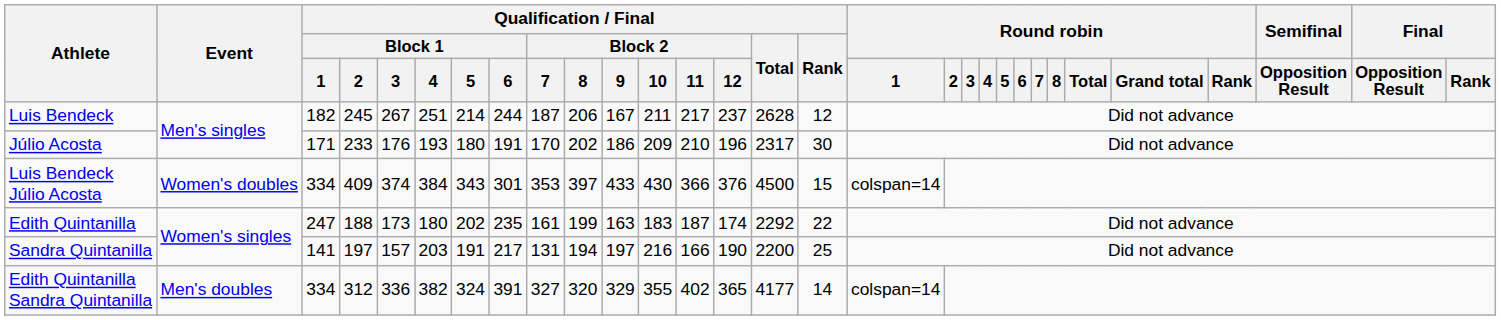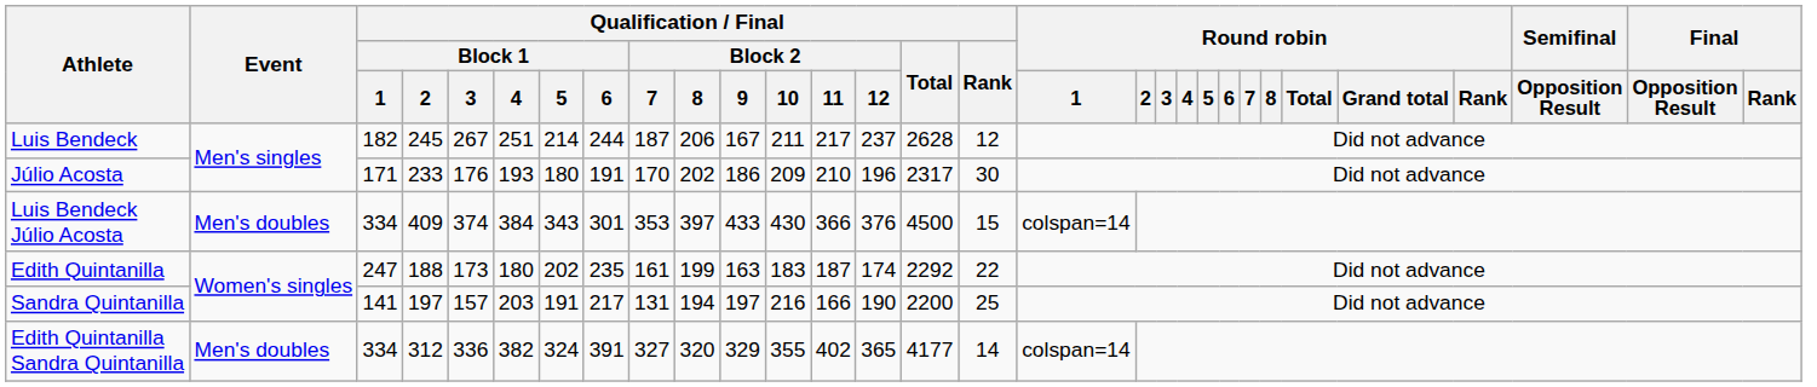 <table class=wikitable style=font-size:75%;text-align:center>
 <tr>
 <th rowspan=3>Athlete</th>
 <th rowspan=3>Event</th>
 <th colspan=14>Qualification / Final</th>
 <th colspan=11 rowspan=2>Round robin</th>
 <th rowspan=2>Semifinal</th>
 <th rowspan=2 colspan=2>Final</th>
 </tr>
 <tr style=font-size:95%>
 <th colspan=6>Block 1</th>
 <th colspan=6>Block 2</th>
 <th rowspan=2>Total</th>
 <th rowspan=2>Rank</th>
 </tr>
 <tr style=font-size:95%>
 <th>1</th>
 <th>2</th>
 <th>3</th>
 <th>4</th>
 <th>5</th>
 <th>6</th>
 <th>7</th>
 <th>8</th>
 <th>9</th>
 <th>10</th>
 <th>11</th>
 <th>12</th>
 <th>1</th>
 <th>2</th>
 <th>3</th>
 <th>4</th>
 <th>5</th>
 <th>6</th>
 <th>7</th>
 <th>8</th>
 <th>Total</th>
 <th>Grand total</th>
 <th>Rank</th>
 <th>Opposition<br>Result</th>
 <th>Opposition<br>Result</th>
 <th>Rank</th>
 </tr>
 <tr>
 <td align=left><a href='#'>Luis Bendeck</a></td>
 <td align=left rowspan=2><a href='#'>Men's singles</a></td>
 <td>182</td>
 <td>245</td>
 <td>267</td>
 <td>251</td>
 <td>214</td>
 <td>244</td>
 <td>187</td>
 <td>206</td>
 <td>167</td>
 <td>211</td>
 <td>217</td>
 <td>237</td>
 <td>2628</td>
 <td>12</td>
 <td colspan=14>Did not advance</td>
 </tr>
 <tr>
 <td align=left><a href='#'>Júlio Acosta</a></td>
 <td>171</td>
 <td>233</td>
 <td>176</td>
 <td>193</td>
 <td>180</td>
 <td>191</td>
 <td>170</td>
 <td>202</td>
 <td>186</td>
 <td>209</td>
 <td>210</td>
 <td>196</td>
 <td>2317</td>
 <td>30</td>
 <td colspan=14>Did not advance</td>
 </tr>
 <tr>
 <td align=left><a href='#'>Luis Bendeck</a><br><a href='#'>Júlio Acosta</a></td>
-<td align=left><a href='#'>Women's doubles</a></td>
+<td align=left><a href='#'>Men's doubles</a></td>
 <td>334</td>
 <td>409</td>
 <td>374</td>
 <td>384</td>
 <td>343</td>
 <td>301</td>
 <td>353</td>
 <td>397</td>
 <td>433</td>
 <td>430</td>
 <td>366</td>
 <td>376</td>
 <td>4500</td>
 <td>15</td>
 <td>colspan=14 </td>
 </tr>
 <tr>
 <td align=left><a href='#'>Edith Quintanilla</a></td>
 <td align=left rowspan=2><a href='#'>Women's singles</a></td>
 <td>247</td>
 <td>188</td>
 <td>173</td>
 <td>180</td>
 <td>202</td>
 <td>235</td>
 <td>161</td>
 <td>199</td>
 <td>163</td>
 <td>183</td>
 <td>187</td>
 <td>174</td>
 <td>2292</td>
 <td>22</td>
 <td colspan=14>Did not advance</td>
 </tr>
 <tr>
 <td align=left><a href='#'>Sandra Quintanilla</a></td>
 <td>141</td>
 <td>197</td>
 <td>157</td>
 <td>203</td>
 <td>191</td>
 <td>217</td>
 <td>131</td>
 <td>194</td>
 <td>197</td>
 <td>216</td>
 <td>166</td>
 <td>190</td>
 <td>2200</td>
 <td>25</td>
 <td colspan=14>Did not advance</td>
 </tr>
 <tr>
 <td align=left><a href='#'>Edith Quintanilla</a><br><a href='#'>Sandra Quintanilla</a></td>
 <td align=left><a href='#'>Men's doubles</a></td>
 <td>334</td>
 <td>312</td>
 <td>336</td>
 <td>382</td>
 <td>324</td>
 <td>391</td>
 <td>327</td>
 <td>320</td>
 <td>329</td>
 <td>355</td>
 <td>402</td>
 <td>365</td>
 <td>4177</td>
 <td>14</td>
 <td>colspan=14 </td>
 </tr>
 </table>
